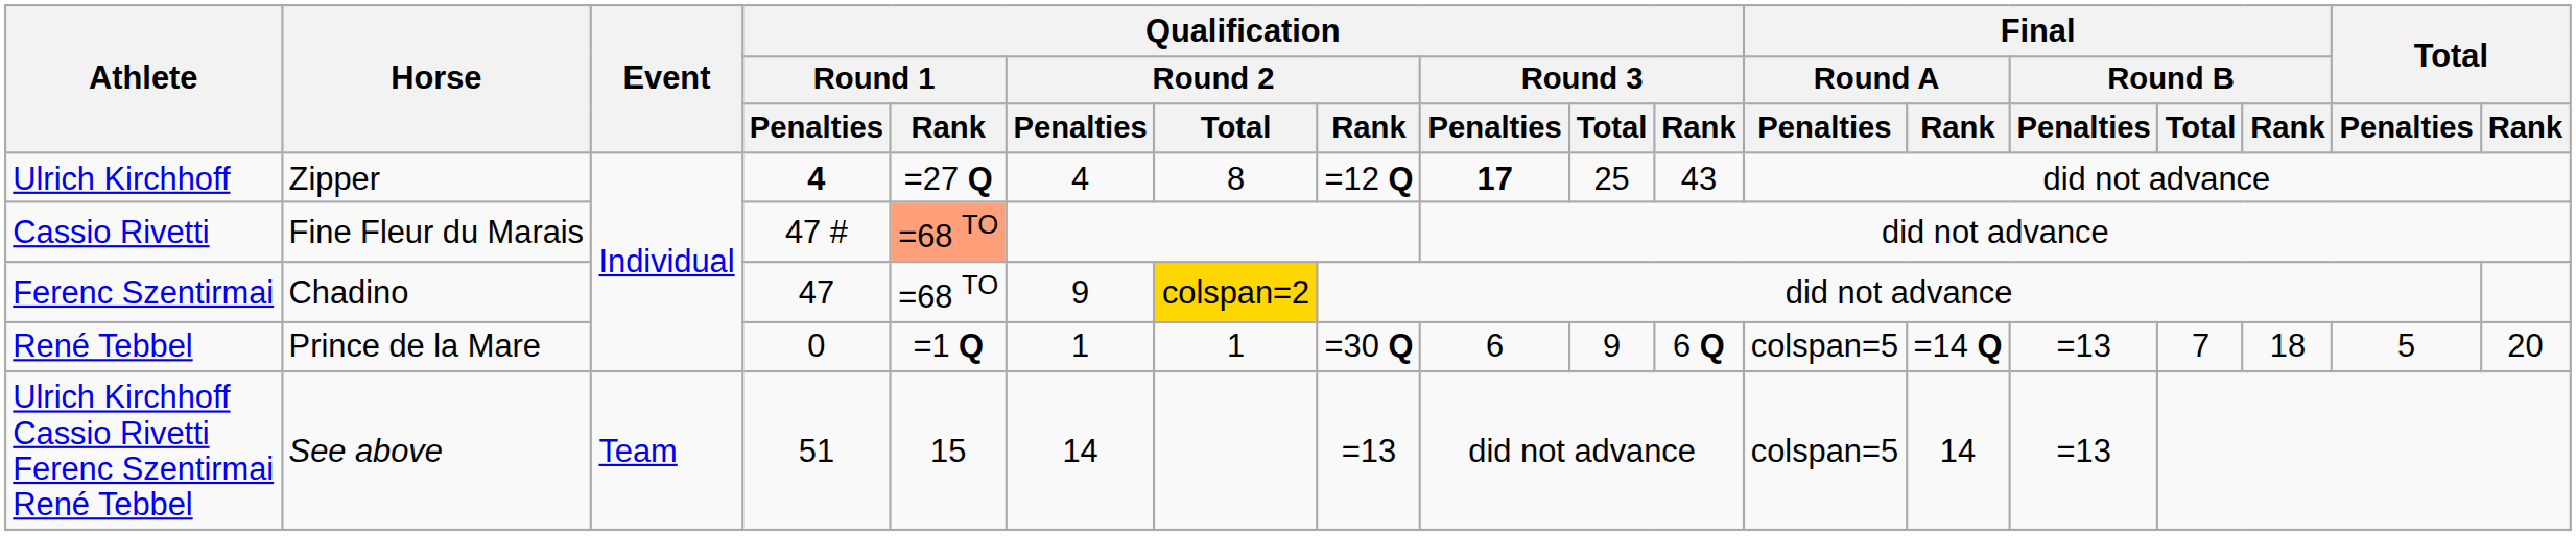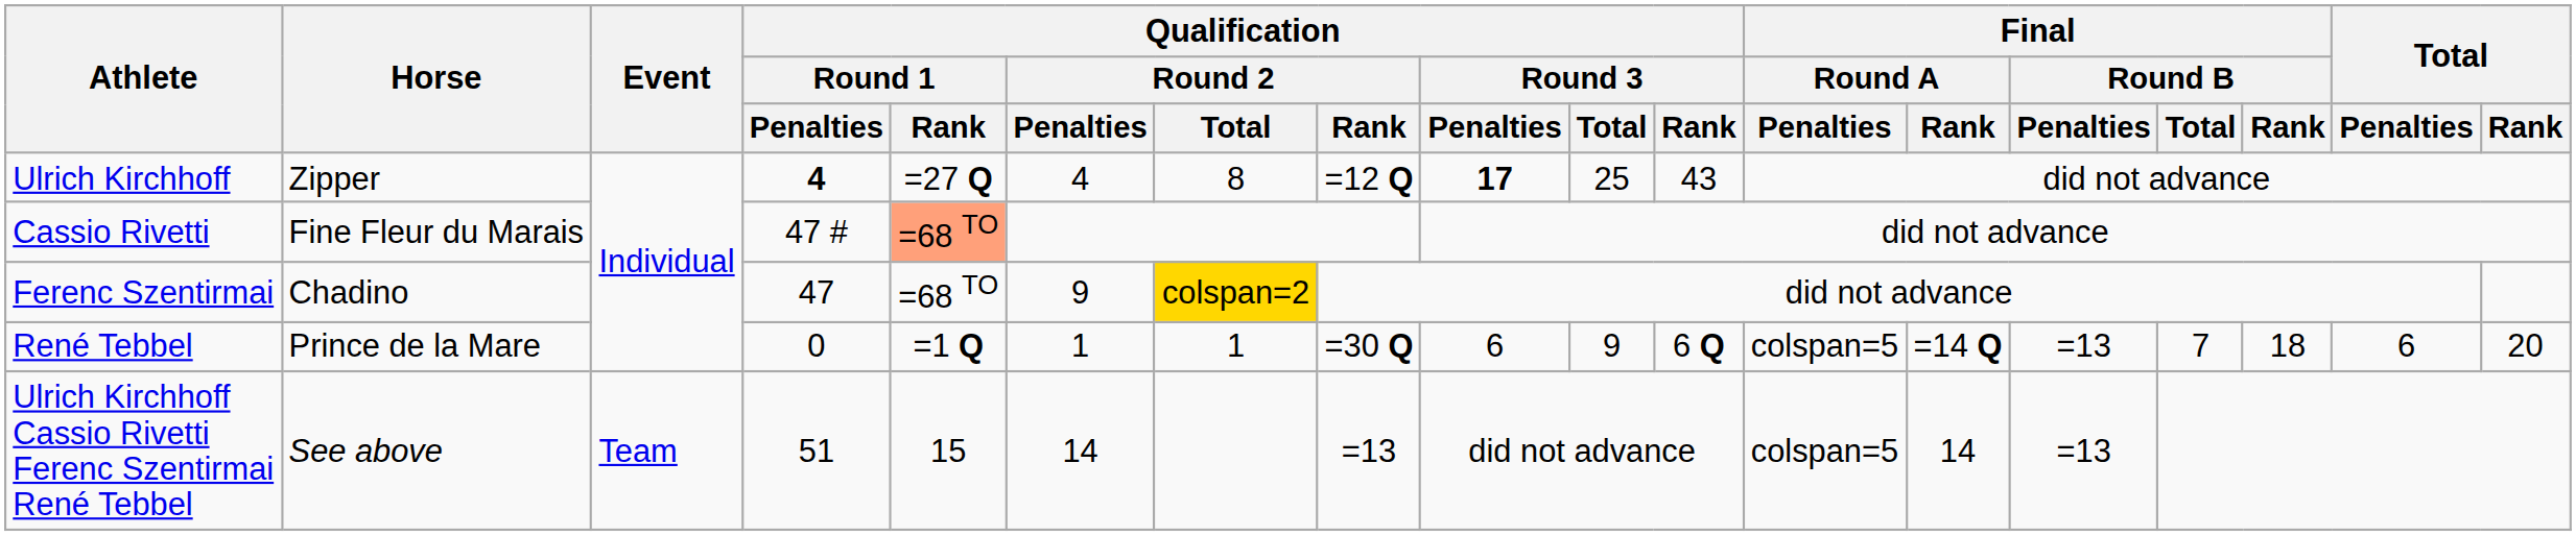 <table class="wikitable" style="font-size:90%">
 <tr>
 <th rowspan="3">Athlete</th>
 <th rowspan="3">Horse</th>
 <th rowspan="3">Event</th>
 <th colspan="8">Qualification</th>
 <th colspan="5">Final</th>
 <th rowspan=2 colspan="2">Total</th>
 </tr>
 <tr style="font-size:95%">
 <th colspan="2">Round 1</th>
 <th colspan="3">Round 2</th>
 <th colspan="3">Round 3</th>
 <th colspan="2">Round A</th>
 <th colspan="3">Round B</th>
 </tr>
 <tr style="font-size:95%">
 <th>Penalties</th>
 <th>Rank</th>
 <th>Penalties</th>
 <th>Total</th>
 <th>Rank</th>
 <th>Penalties</th>
 <th>Total</th>
 <th>Rank</th>
 <th>Penalties</th>
 <th>Rank</th>
 <th>Penalties</th>
 <th>Total</th>
 <th>Rank</th>
 <th>Penalties</th>
 <th>Rank</th>
 </tr>
 <tr align=center>
 <td align=left><a href='#'>Ulrich Kirchhoff</a></td>
 <td align=left>Zipper</td>
 <td align=left rowspan=4><a href='#'>Individual</a></td>
 <td><strong>4</strong></td>
 <td>=27 <strong>Q</strong></td>
 <td>4</td>
 <td>8</td>
 <td>=12 <strong>Q</strong></td>
 <td><strong>17</strong></td>
 <td>25</td>
 <td>43</td>
 <td colspan=7>did not advance</td>
 </tr>
 <tr align=center>
 <td align=left><a href='#'>Cassio Rivetti</a></td>
 <td align=left>Fine Fleur du Marais</td>
 <td>47 #</td>
 <td style="background: lightsalmon;">=68 <sup>TO</sup></td>
 <td colspan=3></td>
 <td colspan=10>did not advance</td>
 </tr>
 <tr align=center>
 <td align=left><a href='#'>Ferenc Szentirmai</a></td>
 <td align=left>Chadino</td>
 <td>47</td>
 <td>=68 <sup>TO</sup></td>
 <td>9</td>
 <td style="background: gold;">colspan=2 </td>
 <td colspan=10>did not advance</td>
 </tr>
 <tr align=center>
 <td align=left><a href='#'>René Tebbel</a></td>
 <td align=left>Prince de la Mare</td>
 <td>0</td>
 <td>=1 <strong>Q</strong></td>
 <td>1</td>
 <td>1</td>
 <td>=30 <strong>Q</strong></td>
 <td>6</td>
 <td>9</td>
 <td>6 <strong>Q</strong></td>
 <td>colspan=5 </td>
 <td>=14 <strong>Q</strong></td>
 <td>=13</td>
 <td>7</td>
 <td>18</td>
-<td>5</td>
+<td>6</td>
 <td>20</td>
 </tr>
 <tr align=center>
 <td align=left><a href='#'>Ulrich Kirchhoff</a><br><a href='#'>Cassio Rivetti</a><br><a href='#'>Ferenc Szentirmai</a><br><a href='#'>René Tebbel</a></td>
 <td align=left><em>See above</em></td>
 <td align=left><a href='#'>Team</a></td>
 <td>51</td>
 <td>15</td>
 <td>14</td>
 <td></td>
 <td>=13</td>
 <td colspan=3>did not advance</td>
 <td>colspan=5 </td>
 <td>14</td>
 <td>=13</td>
 </tr>
 </table>
